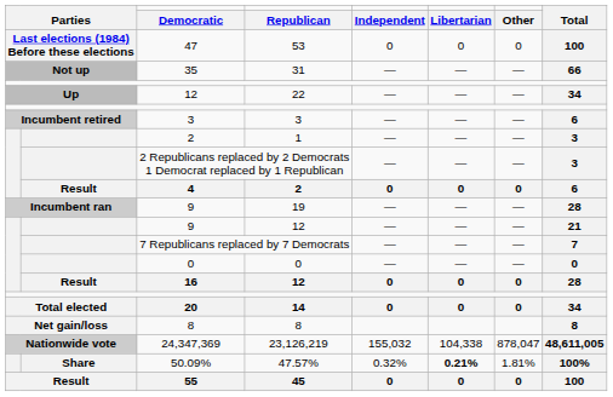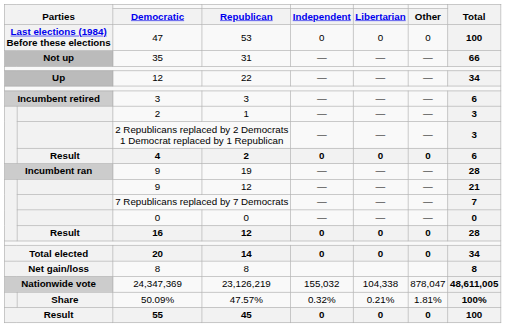 <table class=wikitable style=text-align:center>
 <tr valign=bottom>
 <th rowspan=2 colspan=2>Parties</th>
 <td style="background-color:"></td>
 <td style="background-color:"></td>
 <td style="background-color:"></td>
 <td style="background-color:"></td>
 <td style="background-color:"></td>
 <th rowspan=2>Total</th>
 </tr>
 <tr valign=bottom>
 <th><a href='#'>Democratic</a></th>
 <th><a href='#'>Republican</a></th>
 <th><a href='#'>Independent</a></th>
 <th><a href='#'>Libertarian</a></th>
 <th>Other</th>
 </tr>
 <tr>
 <th colspan=2><a href='#'>Last elections (1984)</a><br>Before these elections</th>
 <td>47</td>
 <td>53</td>
 <td>0</td>
 <td>0</td>
 <td>0</td>
 <th>100</th>
 </tr>
 <tr>
 <th colspan=2 style="background:#bbb">Not up</th>
 <td>35</td>
 <td>31</td>
 <td>—</td>
 <td>—</td>
 <td>—</td>
 <th>66</th>
 </tr>
 <tr>
 <td colspan=100></td>
 </tr>
 <tr>
 <th colspan=2 style="background:#bbb">Up<br></th>
 <td>12</td>
 <td>22</td>
 <td>—</td>
 <td>—</td>
 <td>—</td>
 <th>34</th>
 </tr>
 <tr>
 <td colspan=100></td>
 </tr>
 <tr>
 <th colspan=2 style="background:#ccc">Incumbent retired</th>
 <td>3</td>
 <td>3</td>
 <td>—</td>
 <td>—</td>
 <td>—</td>
 <th>6</th>
 </tr>
 <tr>
 <th rowspan=3></th>
 <th></th>
 <td>2</td>
 <td>1</td>
 <td>—</td>
 <td>—</td>
 <td>—</td>
 <th>3</th>
 </tr>
 <tr>
 <th></th>
 <td colspan=2 >2 Republicans replaced by 2 Democrats<br>1 Democrat replaced by 1 Republican</td>
 <td>—</td>
 <td>—</td>
 <td>—</td>
 <th>3</th>
 </tr>
 <tr>
 <th>Result</th>
 <th>4</th>
 <th>2</th>
 <th>0</th>
 <th>0</th>
 <th>0</th>
 <th>6</th>
 </tr>
 <tr>
 <th colspan=2 style="background:#ccc">Incumbent ran</th>
 <td>9</td>
 <td>19</td>
 <td>—</td>
 <td>—</td>
 <td>—</td>
 <th>28</th>
 </tr>
 <tr>
 <th rowspan=4></th>
 <th></th>
 <td>9</td>
 <td>12</td>
 <td>—</td>
 <td>—</td>
 <td>—</td>
 <th>21</th>
 </tr>
 <tr>
 <th></th>
 <td colspan=2 >7 Republicans replaced by 7 Democrats</td>
 <td>—</td>
 <td>—</td>
 <td>—</td>
 <th>7</th>
 </tr>
 <tr>
 <th></th>
 <td>0</td>
 <td>0</td>
 <td>—</td>
 <td>—</td>
 <td>—</td>
 <th>0</th>
 </tr>
 <tr>
 <th>Result</th>
 <th>16</th>
 <th>12</th>
 <th>0</th>
 <th>0</th>
 <th>0</th>
 <th>28</th>
 </tr>
 <tr>
 <td colspan=100></td>
 </tr>
 <tr>
 <th colspan=2>Total elected</th>
 <th>20</th>
 <th>14</th>
 <th>0</th>
 <th>0</th>
 <th>0</th>
 <th>34</th>
 </tr>
 <tr>
 <th colspan=2>Net gain/loss</th>
 <td>8</td>
 <td>8</td>
 <td></td>
 <td></td>
 <td></td>
 <th>8</th>
 </tr>
 <tr>
 <th colspan=2 style="background:#ccc">Nationwide vote</th>
 <td>24,347,369</td>
 <td>23,126,219</td>
 <td>155,032</td>
 <td>104,338</td>
 <td>878,047</td>
 <th>48,611,005</th>
 </tr>
 <tr>
 <th></th>
 <th>Share</th>
 <td>50.09%</td>
 <td>47.57%</td>
 <td>0.32%</td>
-<td><strong>0.21%</strong></td>
+<td>0.21%</td>
 <td>1.81%</td>
 <th>100%</th>
 </tr>
 <tr>
 <th colspan=2>Result</th>
 <th>55</th>
 <th>45</th>
 <th>0</th>
 <th>0</th>
 <th>0</th>
 <th>100</th>
 </tr>
 </table>
